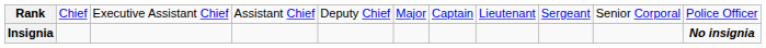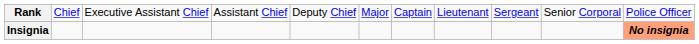 <table class="wikitable">
 <tr style="text-align:center;">
 <th>Rank</th>
 <td><a href='#'>Chief</a></td>
 <td>Executive Assistant <a href='#'>Chief</a></td>
 <td>Assistant <a href='#'>Chief</a></td>
 <td>Deputy <a href='#'>Chief</a></td>
 <td><a href='#'>Major</a></td>
 <td><a href='#'>Captain</a></td>
 <td><a href='#'>Lieutenant</a></td>
 <td><a href='#'>Sergeant</a></td>
 <td>Senior <a href='#'>Corporal</a></td>
 <td><a href='#'>Police Officer</a></td>
 </tr>
 <tr style="text-align:center;">
 <th>Insignia</th>
 <td></td>
 <td></td>
 <td></td>
 <td></td>
 <td></td>
 <td></td>
 <td></td>
 <td></td>
 <td></td>
-<td><strong><em>No insignia</em></strong></td>
+<td style="background: lightsalmon;"><strong><em>No insignia</em></strong></td>
 </tr>
 </table>
